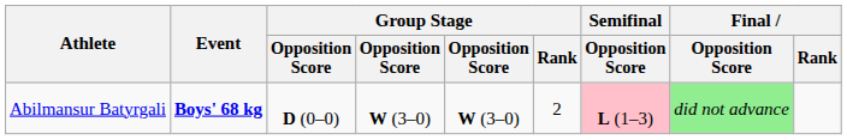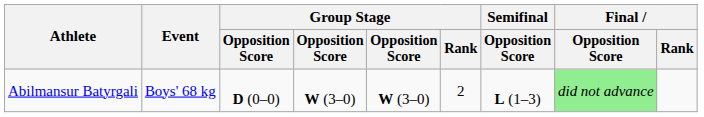 <table class="wikitable" style="font-size:90%">
 <tr>
 <th rowspan=2>Athlete</th>
 <th rowspan=2>Event</th>
 <th colspan=4>Group Stage</th>
 <th colspan=1>Semifinal</th>
 <th colspan=2>Final / </th>
 </tr>
 <tr style="font-size:95%">
 <th>Opposition<br>Score</th>
 <th>Opposition<br>Score</th>
 <th>Opposition<br>Score</th>
 <th>Rank</th>
 <th>Opposition<br>Score</th>
 <th>Opposition<br>Score</th>
 <th>Rank</th>
 </tr>
 <tr align=center>
 <td align=left><a href='#'>Abilmansur Batyrgali</a></td>
-<td align=left><strong><a href='#'>Boys' 68 kg</a></strong></td>
+<td align=left><a href='#'>Boys' 68 kg</a></td>
 <td><br><strong>D</strong> (0–0)</td>
 <td><br><strong>W</strong> (3–0)</td>
 <td><br><strong>W</strong> (3–0)</td>
 <td>2</td>
-<td style="background: pink;"><br><strong>L</strong> (1–3)</td>
+<td><br><strong>L</strong> (1–3)</td>
 <td style="background: lightgreen;"><em>did not advance</em></td>
 <td></td>
 </tr>
 </table>
